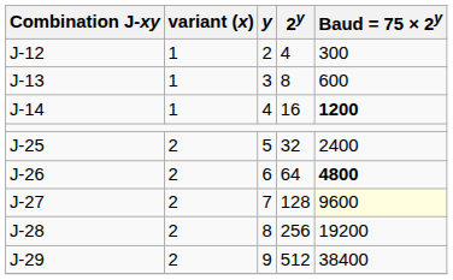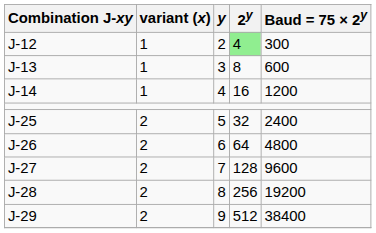 <table class="wikitable">
 <tr>
 <th>Combination J-<em>xy</em></th>
 <th>variant (<em>x</em>)</th>
 <th><em>y</em></th>
 <th>2<sup><em>y</em></sup></th>
 <th>Baud = 75 × 2<sup><em>y</em></sup></th>
 </tr>
 <tr>
 <td>J-12</td>
 <td>1</td>
 <td>2</td>
-<td>4</td>
+<td style="background: lightgreen;">4</td>
 <td>300</td>
 </tr>
 <tr>
 <td>J-13</td>
 <td>1</td>
 <td>3</td>
 <td>8</td>
 <td>600</td>
 </tr>
 <tr>
 <td>J-14</td>
 <td>1</td>
 <td>4</td>
 <td>16</td>
-<td><strong>1200</strong></td>
+<td>1200</td>
 </tr>
 <tr>
 <td colspan=5></td>
 </tr>
 <tr>
 <td>J-25</td>
 <td>2</td>
 <td>5</td>
 <td>32</td>
 <td>2400</td>
 </tr>
 <tr>
 <td>J-26</td>
 <td>2</td>
 <td>6</td>
 <td>64</td>
-<td><strong>4800</strong></td>
+<td>4800</td>
 </tr>
 <tr>
 <td>J-27</td>
 <td>2</td>
 <td>7</td>
 <td>128</td>
-<td style="background: lightyellow;">9600</td>
+<td>9600</td>
 </tr>
 <tr>
 <td>J-28</td>
 <td>2</td>
 <td>8</td>
 <td>256</td>
 <td>19200</td>
 </tr>
 <tr>
 <td>J-29</td>
 <td>2</td>
 <td>9</td>
 <td>512</td>
 <td>38400</td>
 </tr>
 <tr>
 </tr>
 </table>
